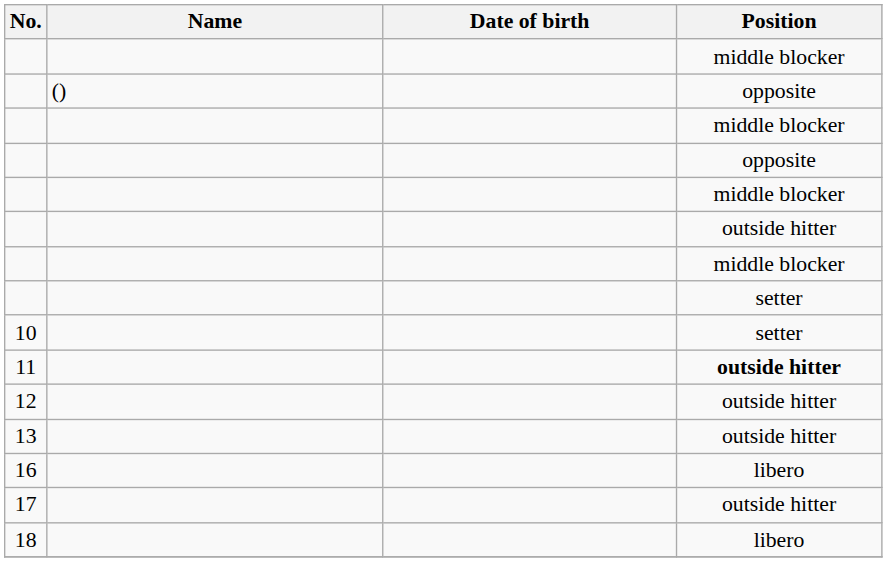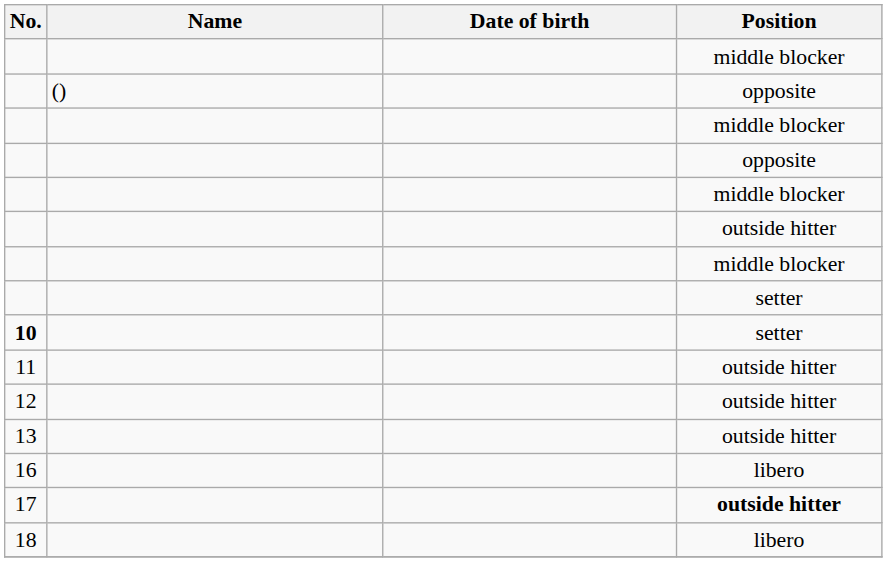 <table class="wikitable sortable" style="font-size:100%; text-align:center;">
 <tr>
 <th>No.</th>
 <th style="width:15em">Name</th>
 <th style="width:13em">Date of birth</th>
 <th style="width:9em">Position</th>
 </tr>
 <tr>
 <td></td>
 <td align=left> </td>
 <td align=right></td>
 <td>middle blocker</td>
 </tr>
 <tr>
 <td></td>
 <td align=left>  ()</td>
 <td align=right></td>
 <td>opposite</td>
 </tr>
 <tr>
 <td></td>
 <td align=left> </td>
 <td align=right></td>
 <td>middle blocker</td>
 </tr>
 <tr>
 <td></td>
 <td align=left> </td>
 <td align=right></td>
 <td>opposite</td>
 </tr>
 <tr>
 <td></td>
 <td align=left> </td>
 <td align=right></td>
 <td>middle blocker</td>
 </tr>
 <tr>
 <td></td>
 <td align=left> </td>
 <td align=right></td>
 <td>outside hitter</td>
 </tr>
 <tr>
 <td></td>
 <td align=left> </td>
 <td align=right></td>
 <td>middle blocker</td>
 </tr>
 <tr>
 <td></td>
 <td align=left> </td>
 <td align=right></td>
 <td>setter</td>
 </tr>
 <tr>
-<td>10</td>
+<td><strong>10</strong></td>
 <td align=left> </td>
 <td align=right></td>
 <td>setter</td>
 </tr>
 <tr>
 <td>11</td>
 <td align=left> </td>
 <td align=right></td>
-<td><strong>outside hitter</strong></td>
+<td>outside hitter</td>
 </tr>
 <tr>
 <td>12</td>
 <td align=left> </td>
 <td align=right></td>
 <td>outside hitter</td>
 </tr>
 <tr>
 <td>13</td>
 <td align=left> </td>
 <td align=right></td>
 <td>outside hitter</td>
 </tr>
 <tr>
 <td>16</td>
 <td align=left> </td>
 <td align=right></td>
 <td>libero</td>
 </tr>
 <tr>
 <td>17</td>
 <td align=left> </td>
 <td align=right></td>
-<td>outside hitter</td>
+<td><strong>outside hitter</strong></td>
 </tr>
 <tr>
 <td>18</td>
 <td align=left> </td>
 <td align=right></td>
 <td>libero</td>
 </tr>
 <tr>
 </tr>
 </table>
